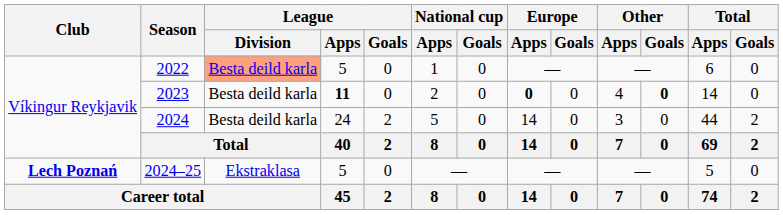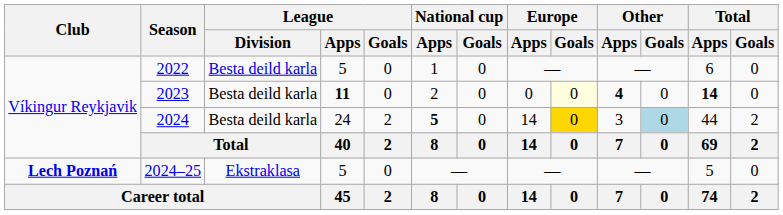 <table class="wikitable" style="text-align: center;">
 <tr>
 <th rowspan="2">Club</th>
 <th rowspan="2">Season</th>
 <th colspan="3">League</th>
 <th colspan="2">National cup</th>
 <th colspan="2">Europe</th>
 <th colspan="2">Other</th>
 <th colspan="2">Total</th>
 </tr>
 <tr>
 <th>Division</th>
 <th>Apps</th>
 <th>Goals</th>
 <th>Apps</th>
 <th>Goals</th>
 <th>Apps</th>
 <th>Goals</th>
 <th>Apps</th>
 <th>Goals</th>
 <th>Apps</th>
 <th>Goals</th>
 </tr>
 <tr>
 <td rowspan=4><a href='#'>Víkingur Reykjavik</a></td>
 <td><a href='#'>2022</a></td>
-<td style="background: lightsalmon;"><a href='#'>Besta deild karla</a></td>
+<td><a href='#'>Besta deild karla</a></td>
 <td>5</td>
 <td>0</td>
 <td>1</td>
 <td>0</td>
 <td colspan="2">—</td>
 <td colspan="2">—</td>
 <td>6</td>
 <td>0</td>
 </tr>
 <tr>
 <td><a href='#'>2023</a></td>
 <td>Besta deild karla</td>
 <td><strong>11</strong></td>
 <td>0</td>
 <td>2</td>
 <td>0</td>
-<td><strong>0</strong></td>
 <td>0</td>
-<td>4</td>
-<td><strong>0</strong></td>
-<td>14</td>
+<td style="background: lightyellow;">0</td>
+<td><strong>4</strong></td>
+<td>0</td>
+<td><strong>14</strong></td>
 <td>0</td>
 </tr>
 <tr>
 <td><a href='#'>2024</a></td>
 <td>Besta deild karla</td>
 <td>24</td>
 <td>2</td>
-<td>5</td>
+<td><strong>5</strong></td>
 <td>0</td>
 <td>14</td>
-<td>0</td>
+<td style="background: gold;">0</td>
 <td>3</td>
-<td>0</td>
+<td style="background: lightblue;">0</td>
 <td>44</td>
 <td>2</td>
 </tr>
 <tr>
 <th colspan="2">Total</th>
 <th>40</th>
 <th>2</th>
 <th>8</th>
 <th>0</th>
 <th>14</th>
 <th>0</th>
 <th>7</th>
 <th>0</th>
 <th>69</th>
 <th>2</th>
 </tr>
 <tr>
 <td><strong><a href='#'>Lech Poznań</a></strong></td>
 <td><a href='#'>2024–25</a></td>
 <td><a href='#'>Ekstraklasa</a></td>
 <td>5</td>
 <td>0</td>
 <td colspan="2">—</td>
 <td colspan="2">—</td>
 <td colspan="2">—</td>
 <td>5</td>
 <td>0</td>
 </tr>
 <tr>
 <th colspan="3">Career total</th>
 <th>45</th>
 <th>2</th>
 <th>8</th>
 <th>0</th>
 <th>14</th>
 <th>0</th>
 <th>7</th>
 <th>0</th>
 <th>74</th>
 <th>2</th>
 </tr>
 </table>
